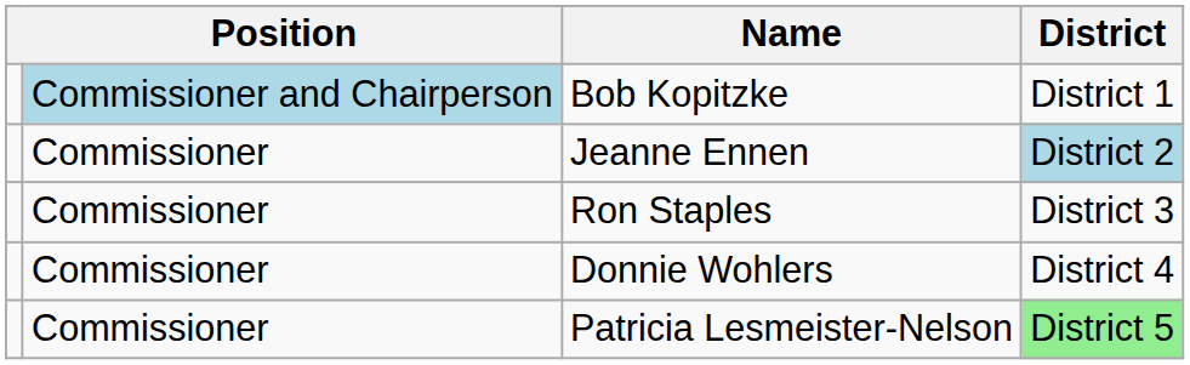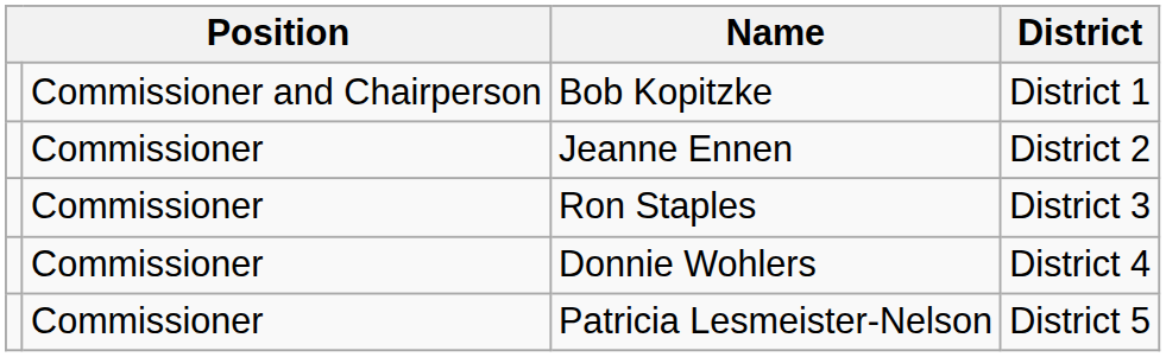 <table class="wikitable">
 <tr>
 <th colspan="2">Position</th>
 <th>Name</th>
 <th>District</th>
 </tr>
 <tr>
 <td></td>
-<td style="background: lightblue;">Commissioner and Chairperson</td>
+<td>Commissioner and Chairperson</td>
 <td>Bob Kopitzke</td>
 <td>District 1</td>
 </tr>
 <tr>
 <td></td>
 <td>Commissioner</td>
 <td>Jeanne Ennen</td>
-<td style="background: lightblue;">District 2</td>
+<td>District 2</td>
 </tr>
 <tr>
 <td></td>
 <td>Commissioner</td>
 <td>Ron Staples</td>
 <td>District 3</td>
 </tr>
 <tr>
 <td></td>
 <td>Commissioner</td>
 <td>Donnie Wohlers</td>
 <td>District 4</td>
 </tr>
 <tr>
 <td></td>
 <td>Commissioner</td>
 <td>Patricia Lesmeister-Nelson</td>
-<td style="background: lightgreen;">District 5</td>
+<td>District 5</td>
 </tr>
 </table>
